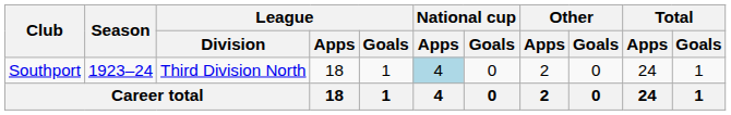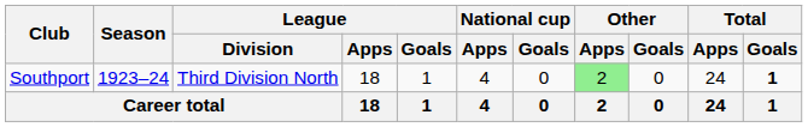 <table class="wikitable" style="text-align:center">
 <tr>
 <th rowspan="2">Club</th>
 <th rowspan="2">Season</th>
 <th colspan="3">League</th>
 <th colspan="2">National cup</th>
 <th colspan="2">Other</th>
 <th colspan="2">Total</th>
 </tr>
 <tr>
 <th>Division</th>
 <th>Apps</th>
 <th>Goals</th>
 <th>Apps</th>
 <th>Goals</th>
 <th>Apps</th>
 <th>Goals</th>
 <th>Apps</th>
 <th>Goals</th>
 </tr>
 <tr>
 <td><a href='#'>Southport</a></td>
 <td><a href='#'>1923–24</a></td>
 <td><a href='#'>Third Division North</a></td>
 <td>18</td>
 <td>1</td>
-<td style="background: lightblue;">4</td>
+<td>4</td>
 <td>0</td>
-<td>2</td>
+<td style="background: lightgreen;">2</td>
 <td>0</td>
 <td>24</td>
-<td>1</td>
+<td><strong>1</strong></td>
 </tr>
 <tr>
 <th colspan="3">Career total</th>
 <th>18</th>
 <th>1</th>
 <th>4</th>
 <th>0</th>
 <th>2</th>
 <th>0</th>
 <th>24</th>
 <th>1</th>
 </tr>
 </table>
